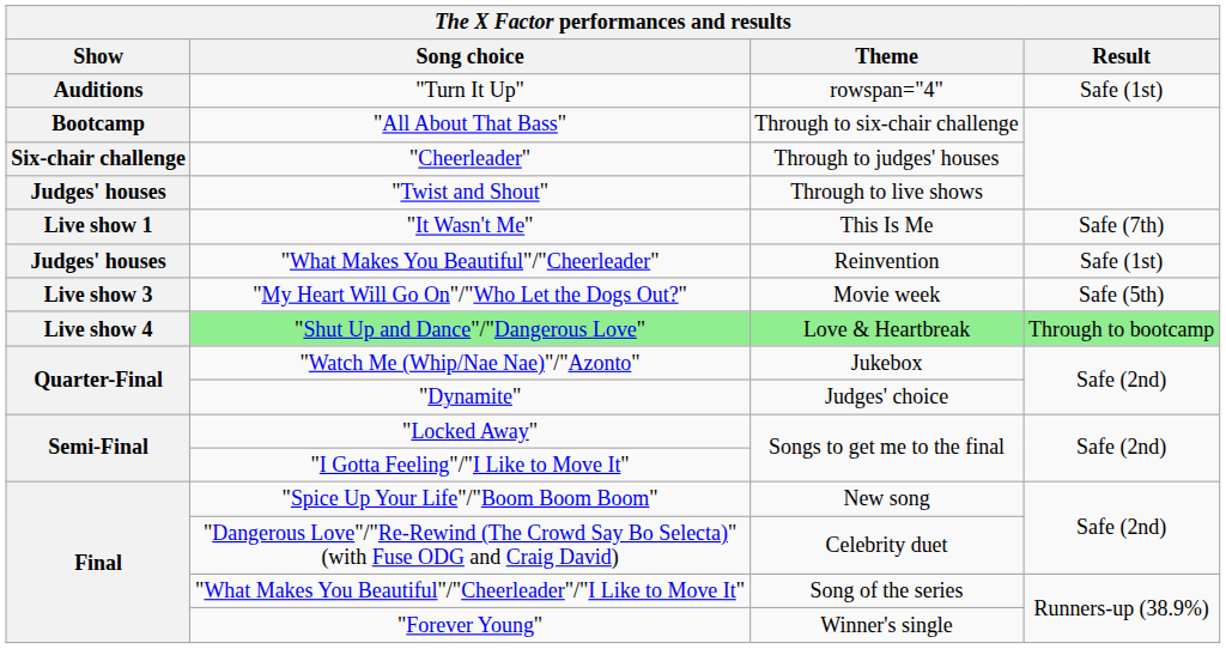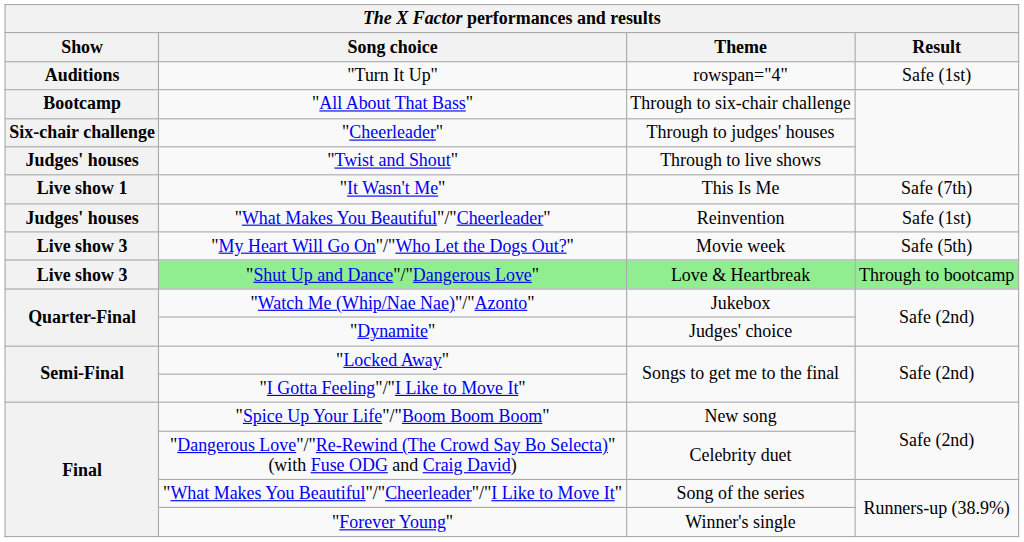 <table class="wikitable collapsible collapsed" style="margin:1em auto 1em auto; text-align:center;">
 <tr>
 <th colspan="4"><em>The X Factor</em> performances and results</th>
 </tr>
 <tr>
 <th style="text-align:centre;">Show</th>
 <th style="text-align:centre;">Song choice</th>
 <th style="text-align:centre;">Theme</th>
 <th style="text-align:centre;">Result</th>
 </tr>
 <tr>
 <th>Auditions</th>
 <td>"Turn It Up"</td>
 <td>rowspan="4" </td>
 <td>Safe (1st)</td>
 </tr>
 <tr>
 <th>Bootcamp</th>
 <td>"<a href='#'>All About That Bass</a>"</td>
 <td>Through to six-chair challenge</td>
 </tr>
 <tr>
 <th>Six-chair challenge</th>
 <td>"<a href='#'>Cheerleader</a>"</td>
 <td>Through to judges' houses</td>
 </tr>
 <tr>
 <th>Judges' houses</th>
 <td>"<a href='#'>Twist and Shout</a>"</td>
 <td>Through to live shows</td>
 </tr>
 <tr>
 <th>Live show 1</th>
 <td>"<a href='#'>It Wasn't Me</a>"</td>
 <td>This Is Me</td>
 <td>Safe (7th)</td>
 </tr>
 <tr>
 <th>Judges' houses</th>
 <td>"<a href='#'>What Makes You Beautiful</a>"/"<a href='#'>Cheerleader</a>"</td>
 <td>Reinvention</td>
 <td>Safe (1st)</td>
 </tr>
 <tr>
 <th>Live show 3</th>
 <td>"<a href='#'>My Heart Will Go On</a>"/"<a href='#'>Who Let the Dogs Out?</a>"</td>
 <td>Movie week</td>
 <td>Safe (5th)</td>
 </tr>
 <tr style="background:lightgreen;">
-<th>Live show 4</th>
+<th>Live show 3</th>
 <td>"<a href='#'>Shut Up and Dance</a>"/"<a href='#'>Dangerous Love</a>"</td>
 <td>Love & Heartbreak</td>
 <td>Through to bootcamp</td>
 </tr>
 <tr>
 <th rowspan="2">Quarter-Final</th>
 <td>"<a href='#'>Watch Me (Whip/Nae Nae)</a>"/"<a href='#'>Azonto</a>"</td>
 <td>Jukebox</td>
 <td rowspan="2">Safe (2nd)</td>
 </tr>
 <tr>
 <td>"<a href='#'>Dynamite</a>"</td>
 <td>Judges' choice</td>
 </tr>
 <tr>
 <th rowspan="2">Semi-Final</th>
 <td>"<a href='#'>Locked Away</a>"</td>
 <td rowspan="2">Songs to get me to the final</td>
 <td rowspan="2">Safe (2nd)</td>
 </tr>
 <tr>
 <td>"<a href='#'>I Gotta Feeling</a>"/"<a href='#'>I Like to Move It</a>"</td>
 </tr>
 <tr>
 <th rowspan="4">Final</th>
 <td>"<a href='#'>Spice Up Your Life</a>"/"<a href='#'>Boom Boom Boom</a>"</td>
 <td>New song</td>
 <td rowspan="2">Safe (2nd)</td>
 </tr>
 <tr>
 <td>"<a href='#'>Dangerous Love</a>"/"<a href='#'>Re-Rewind (The Crowd Say Bo Selecta)</a>"<br>(with <a href='#'>Fuse ODG</a> and <a href='#'>Craig David</a>)</td>
 <td>Celebrity duet</td>
 </tr>
 <tr>
 <td>"<a href='#'>What Makes You Beautiful</a>"/"<a href='#'>Cheerleader</a>"/"<a href='#'>I Like to Move It</a>"</td>
 <td>Song of the series</td>
 <td rowspan="2">Runners-up (38.9%)</td>
 </tr>
 <tr>
 <td>"<a href='#'>Forever Young</a>"</td>
 <td>Winner's single</td>
 </tr>
 </table>
